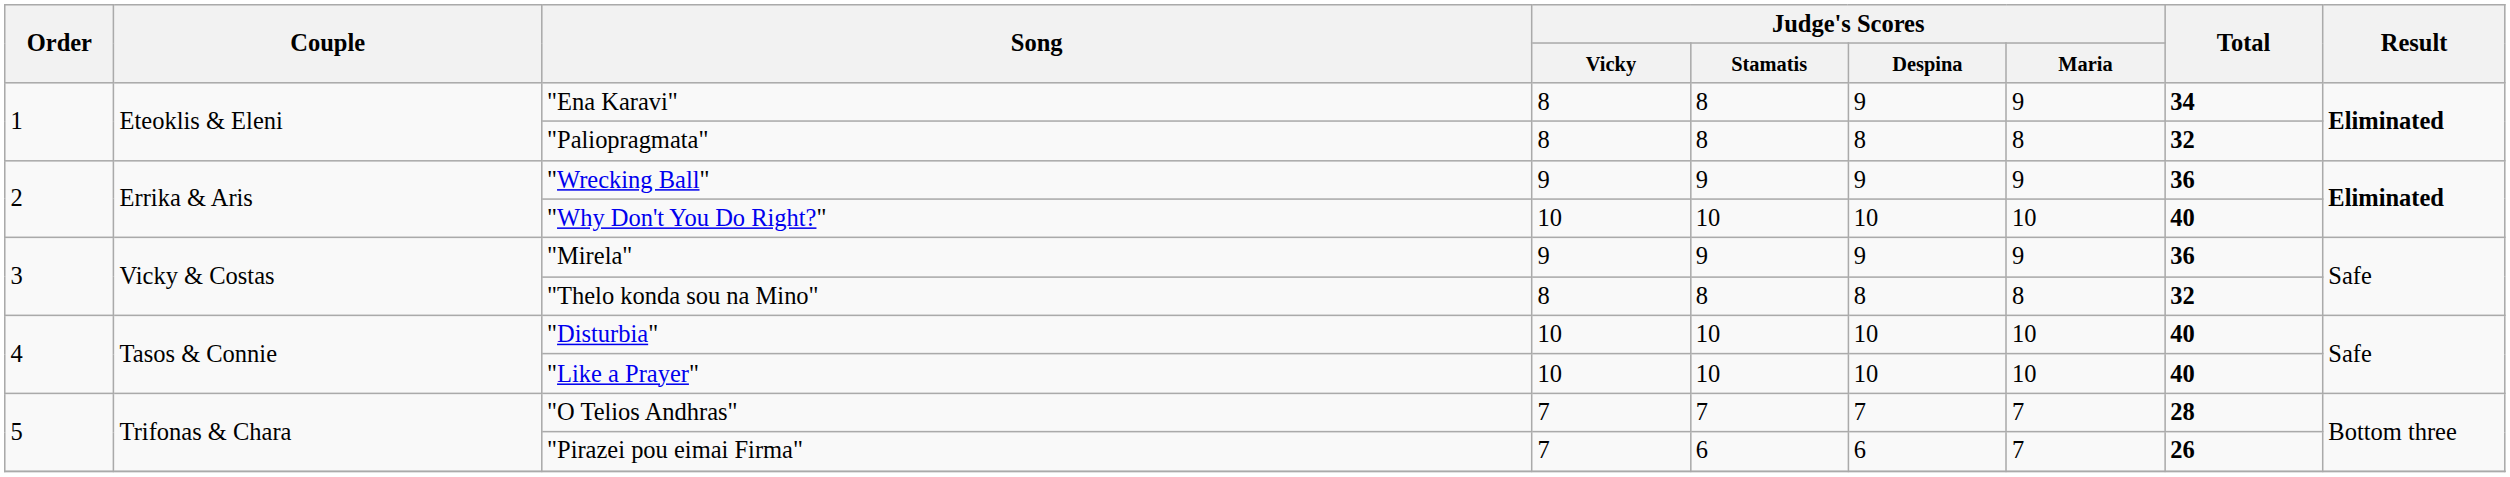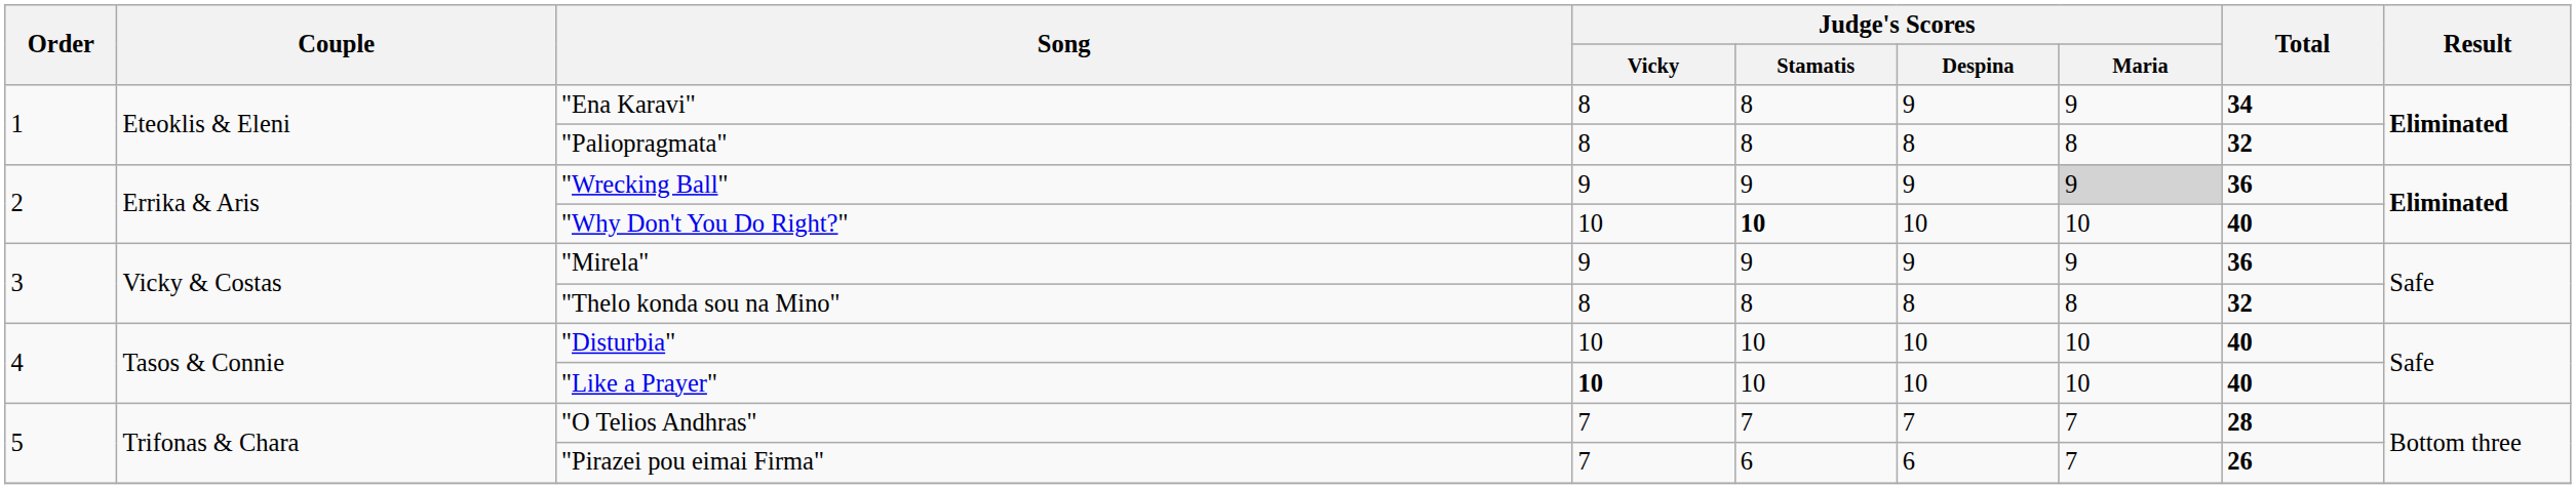 <table class="wikitable sortable center">
 <tr>
 <th rowspan="2" style="width: 4em">Order</th>
 <th rowspan="2" style="width: 17em">Couple</th>
 <th rowspan="2" style="width: 40em">Song</th>
 <th colspan="4">Judge's Scores</th>
 <th rowspan="2" style="width: 6em">Total</th>
 <th rowspan="2" style="width: 7em">Result</th>
 </tr>
 <tr>
 <th style="width: 6em"><small>Vicky</small></th>
 <th style="width: 6em"><small>Stamatis</small></th>
 <th style="width: 6em"><small>Despina</small></th>
 <th style="width: 6em"><small>Maria</small></th>
 </tr>
 <tr>
 <td rowspan="2">1</td>
 <td rowspan="2">Eteoklis & Eleni</td>
 <td>"Ena Karavi"</td>
 <td>8</td>
 <td>8</td>
 <td>9</td>
 <td>9</td>
 <td><strong>34</strong></td>
 <td rowspan="2"><strong>Eliminated</strong></td>
 </tr>
 <tr>
 <td>"Paliopragmata"</td>
 <td>8</td>
 <td>8</td>
 <td>8</td>
 <td>8</td>
 <td><strong>32</strong></td>
 </tr>
 <tr>
 <td rowspan="2">2</td>
 <td rowspan="2">Errika & Aris</td>
 <td>"<a href='#'>Wrecking Ball</a>"</td>
 <td>9</td>
 <td>9</td>
 <td>9</td>
-<td>9</td>
+<td style="background: lightgrey;">9</td>
 <td><strong>36</strong></td>
 <td rowspan="2"><strong>Eliminated</strong></td>
 </tr>
 <tr>
 <td>"<a href='#'>Why Don't You Do Right?</a>"</td>
 <td>10</td>
-<td>10</td>
+<td><strong>10</strong></td>
 <td>10</td>
 <td>10</td>
 <td><strong>40</strong></td>
 </tr>
 <tr>
 <td rowspan="2">3</td>
 <td rowspan="2">Vicky & Costas</td>
 <td>"Mirela"</td>
 <td>9</td>
 <td>9</td>
 <td>9</td>
 <td>9</td>
 <td><strong>36</strong></td>
 <td rowspan="2">Safe</td>
 </tr>
 <tr>
 <td>"Thelo konda sou na Mino"</td>
 <td>8</td>
 <td>8</td>
 <td>8</td>
 <td>8</td>
 <td><strong>32</strong></td>
 </tr>
 <tr>
 <td rowspan="2">4</td>
 <td rowspan="2">Tasos & Connie</td>
 <td>"<a href='#'>Disturbia</a>"</td>
 <td>10</td>
 <td>10</td>
 <td>10</td>
 <td>10</td>
 <td><strong>40</strong></td>
 <td rowspan="2">Safe</td>
 </tr>
 <tr>
 <td>"<a href='#'>Like a Prayer</a>"</td>
-<td>10</td>
+<td><strong>10</strong></td>
 <td>10</td>
 <td>10</td>
 <td>10</td>
 <td><strong>40</strong></td>
 </tr>
 <tr>
 <td rowspan="2">5</td>
 <td rowspan="2">Trifonas & Chara</td>
 <td>"O Telios Andhras"</td>
 <td>7</td>
 <td>7</td>
 <td>7</td>
 <td>7</td>
 <td><strong>28</strong></td>
 <td rowspan="2">Bottom three</td>
 </tr>
 <tr>
 <td>"Pirazei pou eimai Firma"</td>
 <td>7</td>
 <td>6</td>
 <td>6</td>
 <td>7</td>
 <td><strong>26</strong></td>
 </tr>
 <tr>
 </tr>
 </table>
